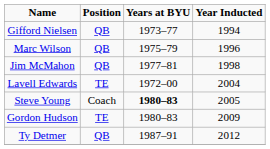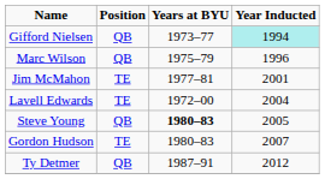 <table class="wikitable" style="text-align:center">
 <tr style="text-align:center; ">
 <td><strong>Name</strong></td>
 <td><strong>Position</strong></td>
 <td><strong>Years at BYU</strong></td>
 <td><strong>Year Inducted</strong></td>
 </tr>
 <tr>
 <td><a href='#'>Gifford Nielsen</a></td>
 <td><a href='#'>QB</a></td>
 <td>1973–77</td>
-<td>1994</td>
+<td style="background: paleturquoise;">1994</td>
 </tr>
 <tr>
 <td><a href='#'>Marc Wilson</a></td>
 <td><a href='#'>QB</a></td>
 <td>1975–79</td>
 <td>1996</td>
 </tr>
 <tr>
 <td><a href='#'>Jim McMahon</a></td>
-<td><a href='#'>QB</a></td>
+<td><a href='#'>TE</a></td>
 <td>1977–81</td>
-<td>1998</td>
+<td>2001</td>
 </tr>
 <tr>
 <td><a href='#'>Lavell Edwards</a></td>
 <td><a href='#'>TE</a></td>
 <td>1972–00</td>
 <td>2004</td>
 </tr>
 <tr>
 <td><a href='#'>Steve Young</a></td>
-<td>Coach</td>
+<td><a href='#'>QB</a></td>
 <td><strong>1980–83</strong></td>
 <td>2005</td>
 </tr>
 <tr>
 <td><a href='#'>Gordon Hudson</a></td>
 <td><a href='#'>TE</a></td>
 <td>1980–83</td>
-<td>2009</td>
+<td>2007</td>
 </tr>
 <tr>
 <td><a href='#'>Ty Detmer</a></td>
 <td><a href='#'>QB</a></td>
 <td>1987–91</td>
 <td>2012</td>
 </tr>
 <tr>
 </tr>
 </table>
